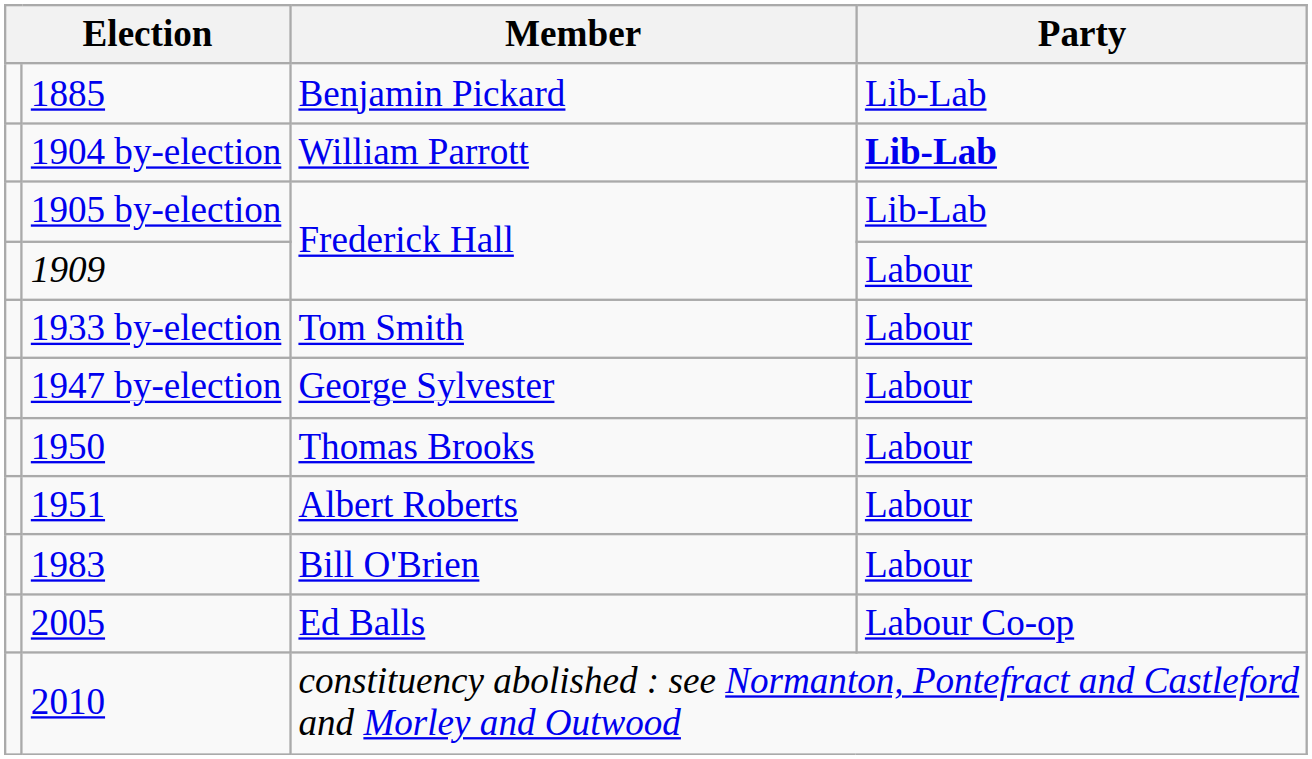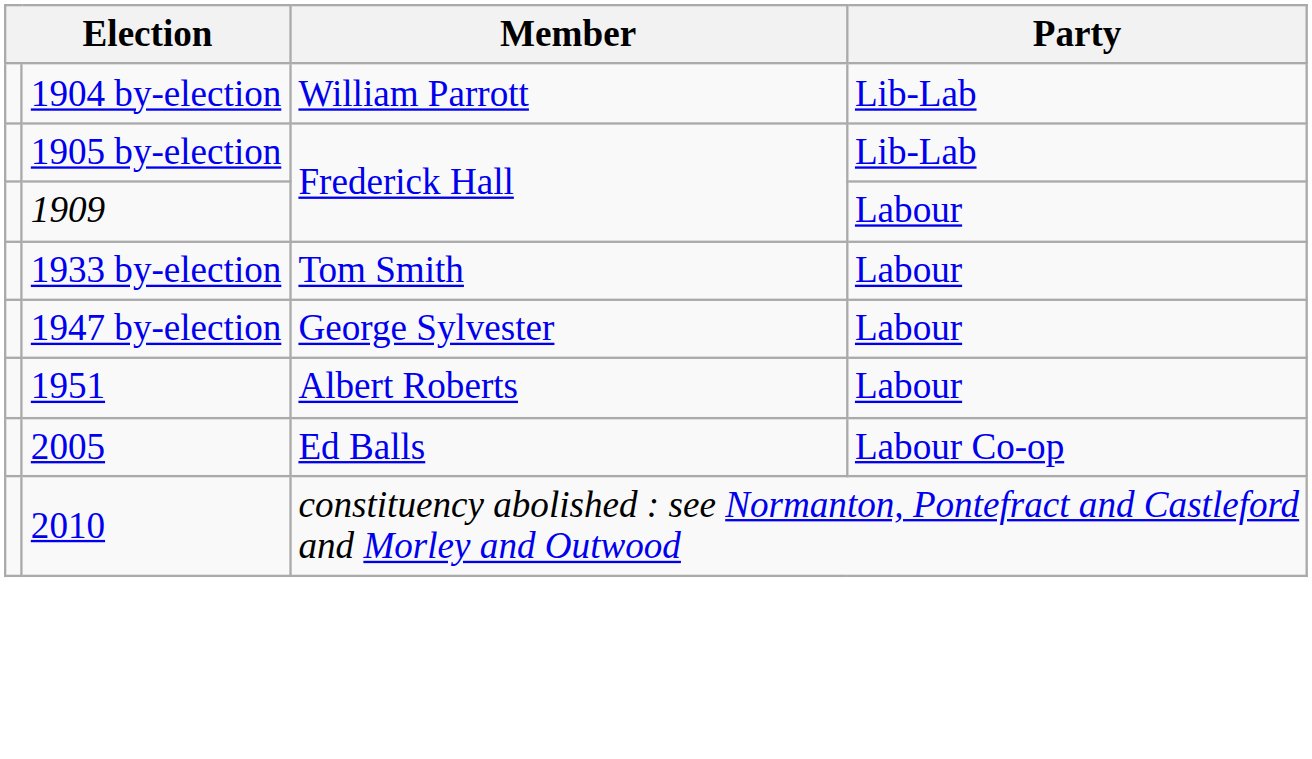 <table class="wikitable">
 <tr>
 <th colspan="2">Election</th>
 <th>Member</th>
 <th>Party</th>
 </tr>
 <tr>
 <td style="color:inherit;background-color: "></td>
-<td><a href='#'>1885</a></td>
-<td><a href='#'>Benjamin Pickard</a></td>
-<td><a href='#'>Lib-Lab</a></td>
-</tr>
-<tr>
-<td style="color:inherit;background-color: "></td>
 <td><a href='#'>1904 by-election</a></td>
 <td><a href='#'>William Parrott</a></td>
-<td><strong><a href='#'>Lib-Lab</a></strong></td>
+<td><a href='#'>Lib-Lab</a></td>
 </tr>
 <tr>
 <td style="color:inherit;background-color: "></td>
 <td><a href='#'>1905 by-election</a></td>
 <td rowspan="2"><a href='#'>Frederick Hall</a></td>
 <td><a href='#'>Lib-Lab</a></td>
 </tr>
 <tr>
 <td style="color:inherit;background-color: "></td>
 <td><em>1909</em></td>
 <td><a href='#'>Labour</a></td>
 </tr>
 <tr>
 <td style="color:inherit;background-color: "></td>
 <td><a href='#'>1933 by-election</a></td>
 <td><a href='#'>Tom Smith</a></td>
 <td><a href='#'>Labour</a></td>
 </tr>
 <tr>
 <td style="color:inherit;background-color: "></td>
 <td><a href='#'>1947 by-election</a></td>
 <td><a href='#'>George Sylvester</a></td>
 <td><a href='#'>Labour</a></td>
 </tr>
 <tr>
 <td style="color:inherit;background-color: "></td>
-<td><a href='#'>1950</a></td>
-<td><a href='#'>Thomas Brooks</a></td>
-<td><a href='#'>Labour</a></td>
-</tr>
-<tr>
-<td style="color:inherit;background-color: "></td>
 <td><a href='#'>1951</a></td>
 <td><a href='#'>Albert Roberts</a></td>
-<td><a href='#'>Labour</a></td>
-</tr>
-<tr>
-<td style="color:inherit;background-color: "></td>
-<td><a href='#'>1983</a></td>
-<td><a href='#'>Bill O'Brien</a></td>
 <td><a href='#'>Labour</a></td>
 </tr>
 <tr>
 <td style="color:inherit;background-color: "></td>
 <td><a href='#'>2005</a></td>
 <td><a href='#'>Ed Balls</a></td>
 <td><a href='#'>Labour Co-op</a></td>
 </tr>
 <tr>
 <td></td>
 <td><a href='#'>2010</a></td>
 <td colspan="2"><em>constituency abolished : see <a href='#'>Normanton, Pontefract and Castleford</a><br>and <a href='#'>Morley and Outwood</a></em></td>
 </tr>
 </table>
